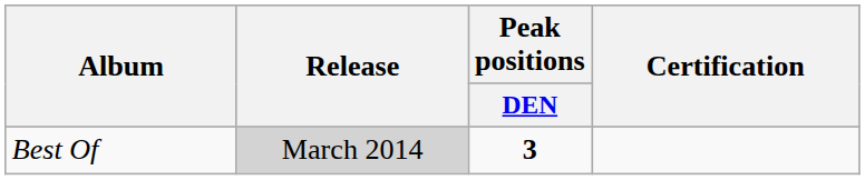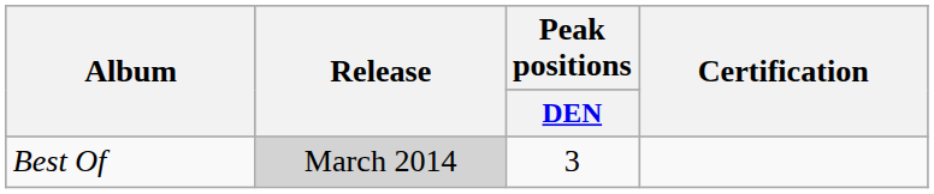 <table class="wikitable">
 <tr>
 <th align="center" rowspan="2" width="120">Album</th>
 <th align="center" rowspan="2" width="120">Release</th>
 <th align="center" colspan="1" width="20">Peak positions</th>
 <th align="center" rowspan="2" width="140">Certification</th>
 </tr>
 <tr>
 <th scope="col" style="width:3em;font-size:90%;"><a href='#'>DEN</a></th>
 </tr>
 <tr>
 <td><em>Best Of</em></td>
 <td style="background: lightgrey; text-align:center;">March 2014</td>
-<td style="text-align:center;"><strong>3</strong></td>
+<td style="text-align:center;">3</td>
 <td style="text-align:center;"></td>
 </tr>
 </table>
